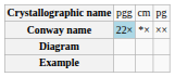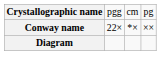 <table class=wikitable style="text-align: center">
 <tr>
 <th>Crystallographic name</th>
 <td>pgg</td>
 <td>cm</td>
 <td>pg</td>
 </tr>
 <tr>
 <th>Conway name</th>
-<td style="background: lightblue;">22×</td>
+<td>22×</td>
 <td>*×</td>
 <td>××</td>
 </tr>
 <tr>
 <th>Diagram</th>
 <td></td>
 <td></td>
 <td></td>
 </tr>
-<tr>
-<th>Example</th>
-<td></td>
-<td></td>
-<td></td>
-</tr>
 </table>
